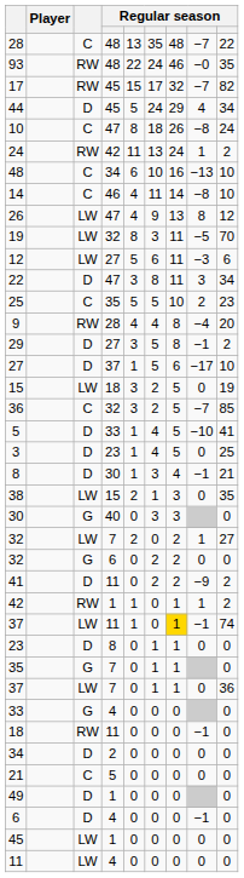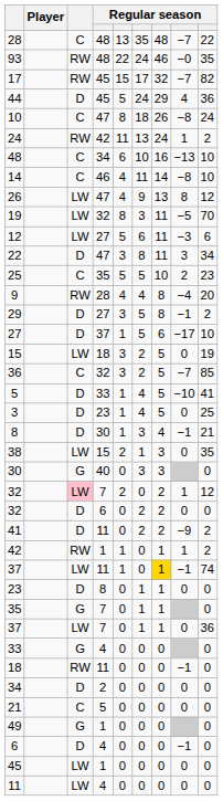 <table class="wikitable sortable plainrowheaders" style="text-align:center;">
 <tr>
 <th scope="col" data-sort-type="number" rowspan="2"></th>
 <th scope="col" rowspan="2">Player</th>
 <th scope="col" rowspan="2"></th>
 <th scope=colgroup colspan=6>Regular season</th>
 </tr>
 <tr>
 <th scope="col" data-sort-type="number"></th>
 <th scope="col" data-sort-type="number"></th>
 <th scope="col" data-sort-type="number"></th>
 <th scope="col" data-sort-type="number"></th>
 <th scope="col" data-sort-type="number"></th>
 <th scope="col" data-sort-type="number"></th>
 </tr>
 <tr>
 <td scope="row">28</td>
 <td align="left"></td>
 <td>C</td>
 <td>48</td>
 <td>13</td>
 <td>35</td>
 <td>48</td>
 <td>−7</td>
 <td>22</td>
 </tr>
 <tr>
 <td scope="row">93</td>
 <td align="left"></td>
 <td>RW</td>
 <td>48</td>
 <td>22</td>
 <td>24</td>
 <td>46</td>
 <td>−0</td>
 <td>35</td>
 </tr>
 <tr>
 <td scope="row">17</td>
 <td align="left"></td>
 <td>RW</td>
 <td>45</td>
 <td>15</td>
 <td>17</td>
 <td>32</td>
 <td>−7</td>
 <td>82</td>
 </tr>
 <tr>
 <td scope="row">44</td>
 <td align="left"></td>
 <td>D</td>
 <td>45</td>
 <td>5</td>
 <td>24</td>
 <td>29</td>
 <td>4</td>
-<td>34</td>
+<td>36</td>
 </tr>
 <tr>
 <td scope="row">10</td>
 <td align="left"></td>
 <td>C</td>
 <td>47</td>
 <td>8</td>
 <td>18</td>
 <td>26</td>
 <td>−8</td>
 <td>24</td>
 </tr>
 <tr>
 <td scope="row">24</td>
 <td align="left"></td>
 <td>RW</td>
 <td>42</td>
 <td>11</td>
 <td>13</td>
 <td>24</td>
 <td>1</td>
 <td>2</td>
 </tr>
 <tr>
 <td scope="row">48</td>
 <td align="left"></td>
 <td>C</td>
 <td>34</td>
 <td>6</td>
 <td>10</td>
 <td>16</td>
 <td>−13</td>
 <td>10</td>
 </tr>
 <tr>
 <td scope="row">14</td>
 <td align="left"></td>
 <td>C</td>
 <td>46</td>
 <td>4</td>
 <td>11</td>
 <td>14</td>
 <td>−8</td>
 <td>10</td>
 </tr>
 <tr>
 <td scope="row">26</td>
 <td align="left"></td>
 <td>LW</td>
 <td>47</td>
 <td>4</td>
 <td>9</td>
 <td>13</td>
 <td>8</td>
 <td>12</td>
 </tr>
 <tr>
 <td scope="row">19</td>
 <td align="left"></td>
 <td>LW</td>
 <td>32</td>
 <td>8</td>
 <td>3</td>
 <td>11</td>
 <td>−5</td>
 <td>70</td>
 </tr>
 <tr>
 <td scope="row">12</td>
 <td align="left"></td>
 <td>LW</td>
 <td>27</td>
 <td>5</td>
 <td>6</td>
 <td>11</td>
 <td>−3</td>
 <td>6</td>
 </tr>
 <tr>
 <td scope="row">22</td>
 <td align="left"></td>
 <td>D</td>
 <td>47</td>
 <td>3</td>
 <td>8</td>
 <td>11</td>
 <td>3</td>
 <td>34</td>
 </tr>
 <tr>
 <td scope="row">25</td>
 <td align="left"></td>
 <td>C</td>
 <td>35</td>
 <td>5</td>
 <td>5</td>
 <td>10</td>
 <td>2</td>
 <td>23</td>
 </tr>
 <tr>
 <td scope="row">9</td>
 <td align="left"></td>
 <td>RW</td>
 <td>28</td>
 <td>4</td>
 <td>4</td>
 <td>8</td>
 <td>−4</td>
 <td>20</td>
 </tr>
 <tr>
 <td scope="row">29</td>
 <td align="left"></td>
 <td>D</td>
 <td>27</td>
 <td>3</td>
 <td>5</td>
 <td>8</td>
 <td>−1</td>
 <td>2</td>
 </tr>
 <tr>
 <td scope="row">27</td>
 <td align="left"></td>
 <td>D</td>
 <td>37</td>
 <td>1</td>
 <td>5</td>
 <td>6</td>
 <td>−17</td>
 <td>10</td>
 </tr>
 <tr>
 <td scope="row">15</td>
 <td align="left"></td>
 <td>LW</td>
 <td>18</td>
 <td>3</td>
 <td>2</td>
 <td>5</td>
 <td>0</td>
 <td>19</td>
 </tr>
 <tr>
 <td scope="row">36</td>
 <td align="left"></td>
 <td>C</td>
 <td>32</td>
 <td>3</td>
 <td>2</td>
 <td>5</td>
 <td>−7</td>
 <td>85</td>
 </tr>
 <tr>
 <td scope="row">5</td>
 <td align="left"></td>
 <td>D</td>
 <td>33</td>
 <td>1</td>
 <td>4</td>
 <td>5</td>
 <td>−10</td>
 <td>41</td>
 </tr>
 <tr>
 <td scope="row">3</td>
 <td align="left"></td>
 <td>D</td>
 <td>23</td>
 <td>1</td>
 <td>4</td>
 <td>5</td>
 <td>0</td>
 <td>25</td>
 </tr>
 <tr>
 <td scope="row">8</td>
 <td align="left"></td>
 <td>D</td>
 <td>30</td>
 <td>1</td>
 <td>3</td>
 <td>4</td>
 <td>−1</td>
 <td>21</td>
 </tr>
 <tr>
 <td scope="row">38</td>
 <td align="left"></td>
 <td>LW</td>
 <td>15</td>
 <td>2</td>
 <td>1</td>
 <td>3</td>
 <td>0</td>
 <td>35</td>
 </tr>
 <tr>
 <td scope="row">30</td>
 <td align="left"></td>
 <td>G</td>
 <td>40</td>
 <td>0</td>
 <td>3</td>
 <td>3</td>
 <td style="background:#ccc"></td>
 <td>0</td>
 </tr>
 <tr>
 <td scope="row">32</td>
 <td align="left"></td>
-<td>LW</td>
+<td style="background: pink;">LW</td>
 <td>7</td>
 <td>2</td>
 <td>0</td>
 <td>2</td>
 <td>1</td>
-<td>27</td>
+<td>12</td>
 </tr>
 <tr>
 <td scope="row">32</td>
 <td align="left"></td>
-<td>G</td>
+<td>D</td>
 <td>6</td>
 <td>0</td>
 <td>2</td>
 <td>2</td>
 <td>0</td>
 <td>0</td>
 </tr>
 <tr>
 <td scope="row">41</td>
 <td align="left"></td>
 <td>D</td>
 <td>11</td>
 <td>0</td>
 <td>2</td>
 <td>2</td>
 <td>−9</td>
 <td>2</td>
 </tr>
 <tr>
 <td scope="row">42</td>
 <td align="left"></td>
 <td>RW</td>
 <td>1</td>
 <td>1</td>
 <td>0</td>
 <td>1</td>
 <td>1</td>
 <td>2</td>
 </tr>
 <tr>
 <td scope="row">37</td>
 <td align="left"></td>
 <td>LW</td>
 <td>11</td>
 <td>1</td>
 <td>0</td>
 <td style="background: gold;">1</td>
 <td>−1</td>
 <td>74</td>
 </tr>
 <tr>
 <td scope="row">23</td>
 <td align="left"></td>
 <td>D</td>
 <td>8</td>
 <td>0</td>
 <td>1</td>
 <td>1</td>
 <td>0</td>
 <td>0</td>
 </tr>
 <tr>
 <td scope="row">35</td>
 <td align="left"></td>
 <td>G</td>
 <td>7</td>
 <td>0</td>
 <td>1</td>
 <td>1</td>
 <td style="background:#ccc"></td>
 <td>0</td>
 </tr>
 <tr>
 <td scope="row">37</td>
 <td align="left"></td>
 <td>LW</td>
 <td>7</td>
 <td>0</td>
 <td>1</td>
 <td>1</td>
 <td>0</td>
 <td>36</td>
 </tr>
 <tr>
 <td scope="row">33</td>
 <td align="left"></td>
 <td>G</td>
 <td>4</td>
 <td>0</td>
 <td>0</td>
 <td>0</td>
 <td style="background:#ccc"></td>
 <td>0</td>
 </tr>
 <tr>
 <td scope="row">18</td>
 <td align="left"></td>
 <td>RW</td>
 <td>11</td>
 <td>0</td>
 <td>0</td>
 <td>0</td>
 <td>−1</td>
 <td>0</td>
 </tr>
 <tr>
 <td scope="row">34</td>
 <td align="left"></td>
 <td>D</td>
 <td>2</td>
 <td>0</td>
 <td>0</td>
 <td>0</td>
 <td>0</td>
 <td>0</td>
 </tr>
 <tr>
 <td scope="row">21</td>
 <td align="left"></td>
 <td>C</td>
 <td>5</td>
 <td>0</td>
 <td>0</td>
 <td>0</td>
 <td>0</td>
 <td>0</td>
 </tr>
 <tr>
 <td scope="row">49</td>
 <td align="left"></td>
-<td>D</td>
+<td>G</td>
 <td>1</td>
 <td>0</td>
 <td>0</td>
 <td>0</td>
 <td style="background:#ccc"></td>
 <td>0</td>
 </tr>
 <tr>
 <td scope="row">6</td>
 <td align="left"></td>
 <td>D</td>
 <td>4</td>
 <td>0</td>
 <td>0</td>
 <td>0</td>
 <td>−1</td>
 <td>0</td>
 </tr>
 <tr>
 <td scope="row">45</td>
 <td align="left"></td>
 <td>LW</td>
 <td>1</td>
 <td>0</td>
 <td>0</td>
 <td>0</td>
 <td>0</td>
 <td>0</td>
 </tr>
 <tr>
 <td scope="row">11</td>
 <td align="left"></td>
 <td>LW</td>
 <td>4</td>
 <td>0</td>
 <td>0</td>
 <td>0</td>
 <td>0</td>
 <td>0</td>
 </tr>
 </table>
